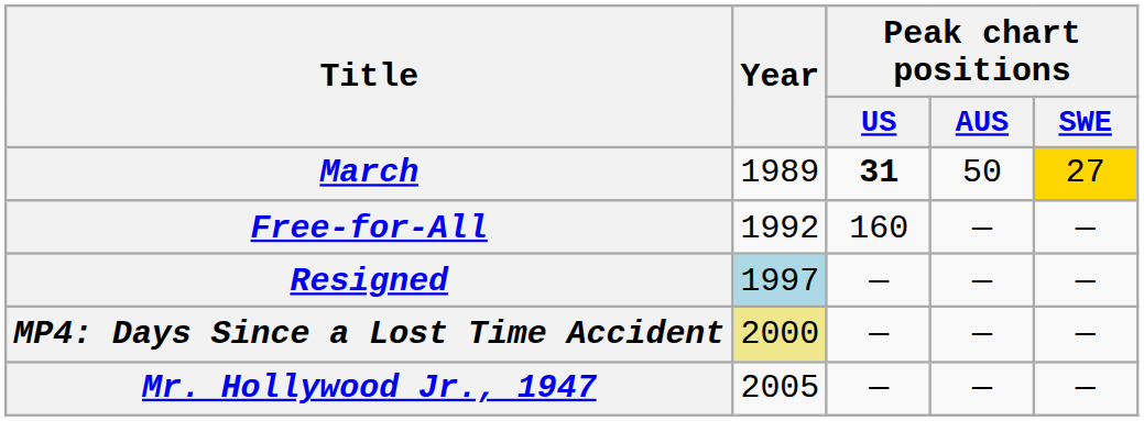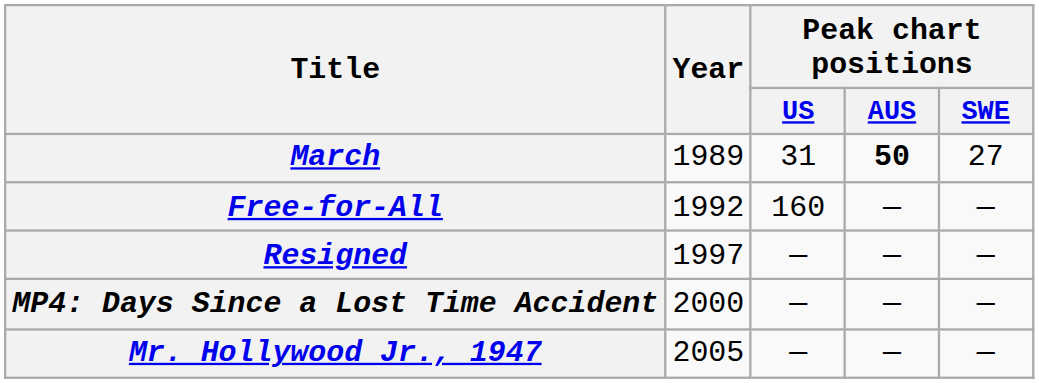 <table class="wikitable plainrowheaders" style="text-align:center;">
 <tr>
 <th scope="col" rowspan="2">Title</th>
 <th scope="col" rowspan="2">Year</th>
 <th scope="col" colspan="3">Peak chart positions</th>
 </tr>
 <tr>
 <th scope="col" style="width:3em;font-size:90%;"><a href='#'>US</a><br></th>
 <th scope="col" style="width:3em;font-size:90%;"><a href='#'>AUS</a><br></th>
 <th scope="col" style="width:3em;font-size:90%;"><a href='#'>SWE</a><br></th>
 </tr>
 <tr>
 <th scope="row"><em><a href='#'>March</a></em></th>
 <td>1989</td>
-<td><strong>31</strong></td>
-<td>50</td>
-<td style="background: gold;">27</td>
+<td>31</td>
+<td><strong>50</strong></td>
+<td>27</td>
 </tr>
 <tr>
 <th scope="row"><em><a href='#'>Free-for-All</a></em></th>
 <td>1992</td>
 <td>160</td>
 <td>—</td>
 <td>—</td>
 </tr>
 <tr>
 <th scope="row"><em><a href='#'>Resigned</a></em></th>
-<td style="background: lightblue;">1997</td>
+<td>1997</td>
 <td>—</td>
 <td>—</td>
 <td>—</td>
 </tr>
 <tr>
 <th scope="row"><em>MP4: Days Since a Lost Time Accident</em></th>
-<td style="background: khaki;">2000</td>
+<td>2000</td>
 <td>—</td>
 <td>—</td>
 <td>—</td>
 </tr>
 <tr>
 <th scope="row"><em><a href='#'>Mr. Hollywood Jr., 1947</a></em></th>
 <td>2005</td>
 <td>—</td>
 <td>—</td>
 <td>—</td>
 </tr>
 </table>
